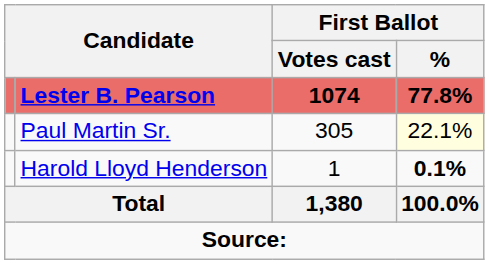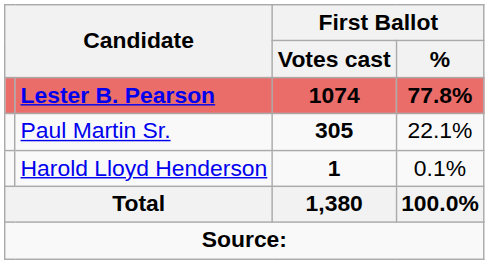 <table class="wikitable">
 <tr>
 <th rowspan="2" colspan="2">Candidate</th>
 <th colspan = "2">First Ballot</th>
 </tr>
 <tr>
 <th>Votes cast</th>
 <th>%</th>
 </tr>
 <tr style="background:#EA6D6A">
 <td></td>
 <td><strong><a href='#'>Lester B. Pearson</a></strong></td>
 <td align = "center"><strong>1074</strong></td>
 <td align = "center"><strong>77.8%</strong></td>
 </tr>
 <tr>
 <td></td>
 <td><a href='#'>Paul Martin Sr.</a></td>
-<td align = "center">305</td>
-<td align = "center" style="background: lightyellow;">22.1%</td>
+<td align = "center"><strong>305</strong></td>
+<td align = "center">22.1%</td>
 </tr>
 <tr>
 <td></td>
 <td><a href='#'>Harold Lloyd Henderson</a></td>
-<td align = "center">1</td>
-<td align = "center"><strong>0.1%</strong></td>
+<td align = "center"><strong>1</strong></td>
+<td align = "center">0.1%</td>
 </tr>
 <tr>
 <th colspan = "2">Total</th>
 <th align = "center">1,380</th>
 <th align = "center">100.0%</th>
 </tr>
 <tr>
 <td align="center" colspan=12><strong>Source:</strong>  </td>
 </tr>
 </table>
